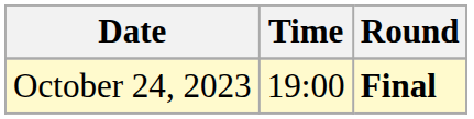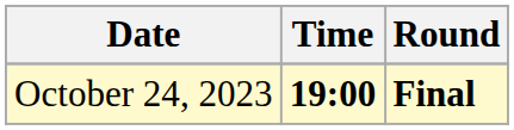 <table class="wikitable">
 <tr>
 <th>Date</th>
 <th>Time</th>
 <th>Round</th>
 </tr>
 <tr>
 </tr>
 <tr style=background:lemonchiffon>
 <td>October 24, 2023</td>
-<td>19:00</td>
+<td><strong>19:00</strong></td>
 <td><strong>Final</strong></td>
 </tr>
 </table>
